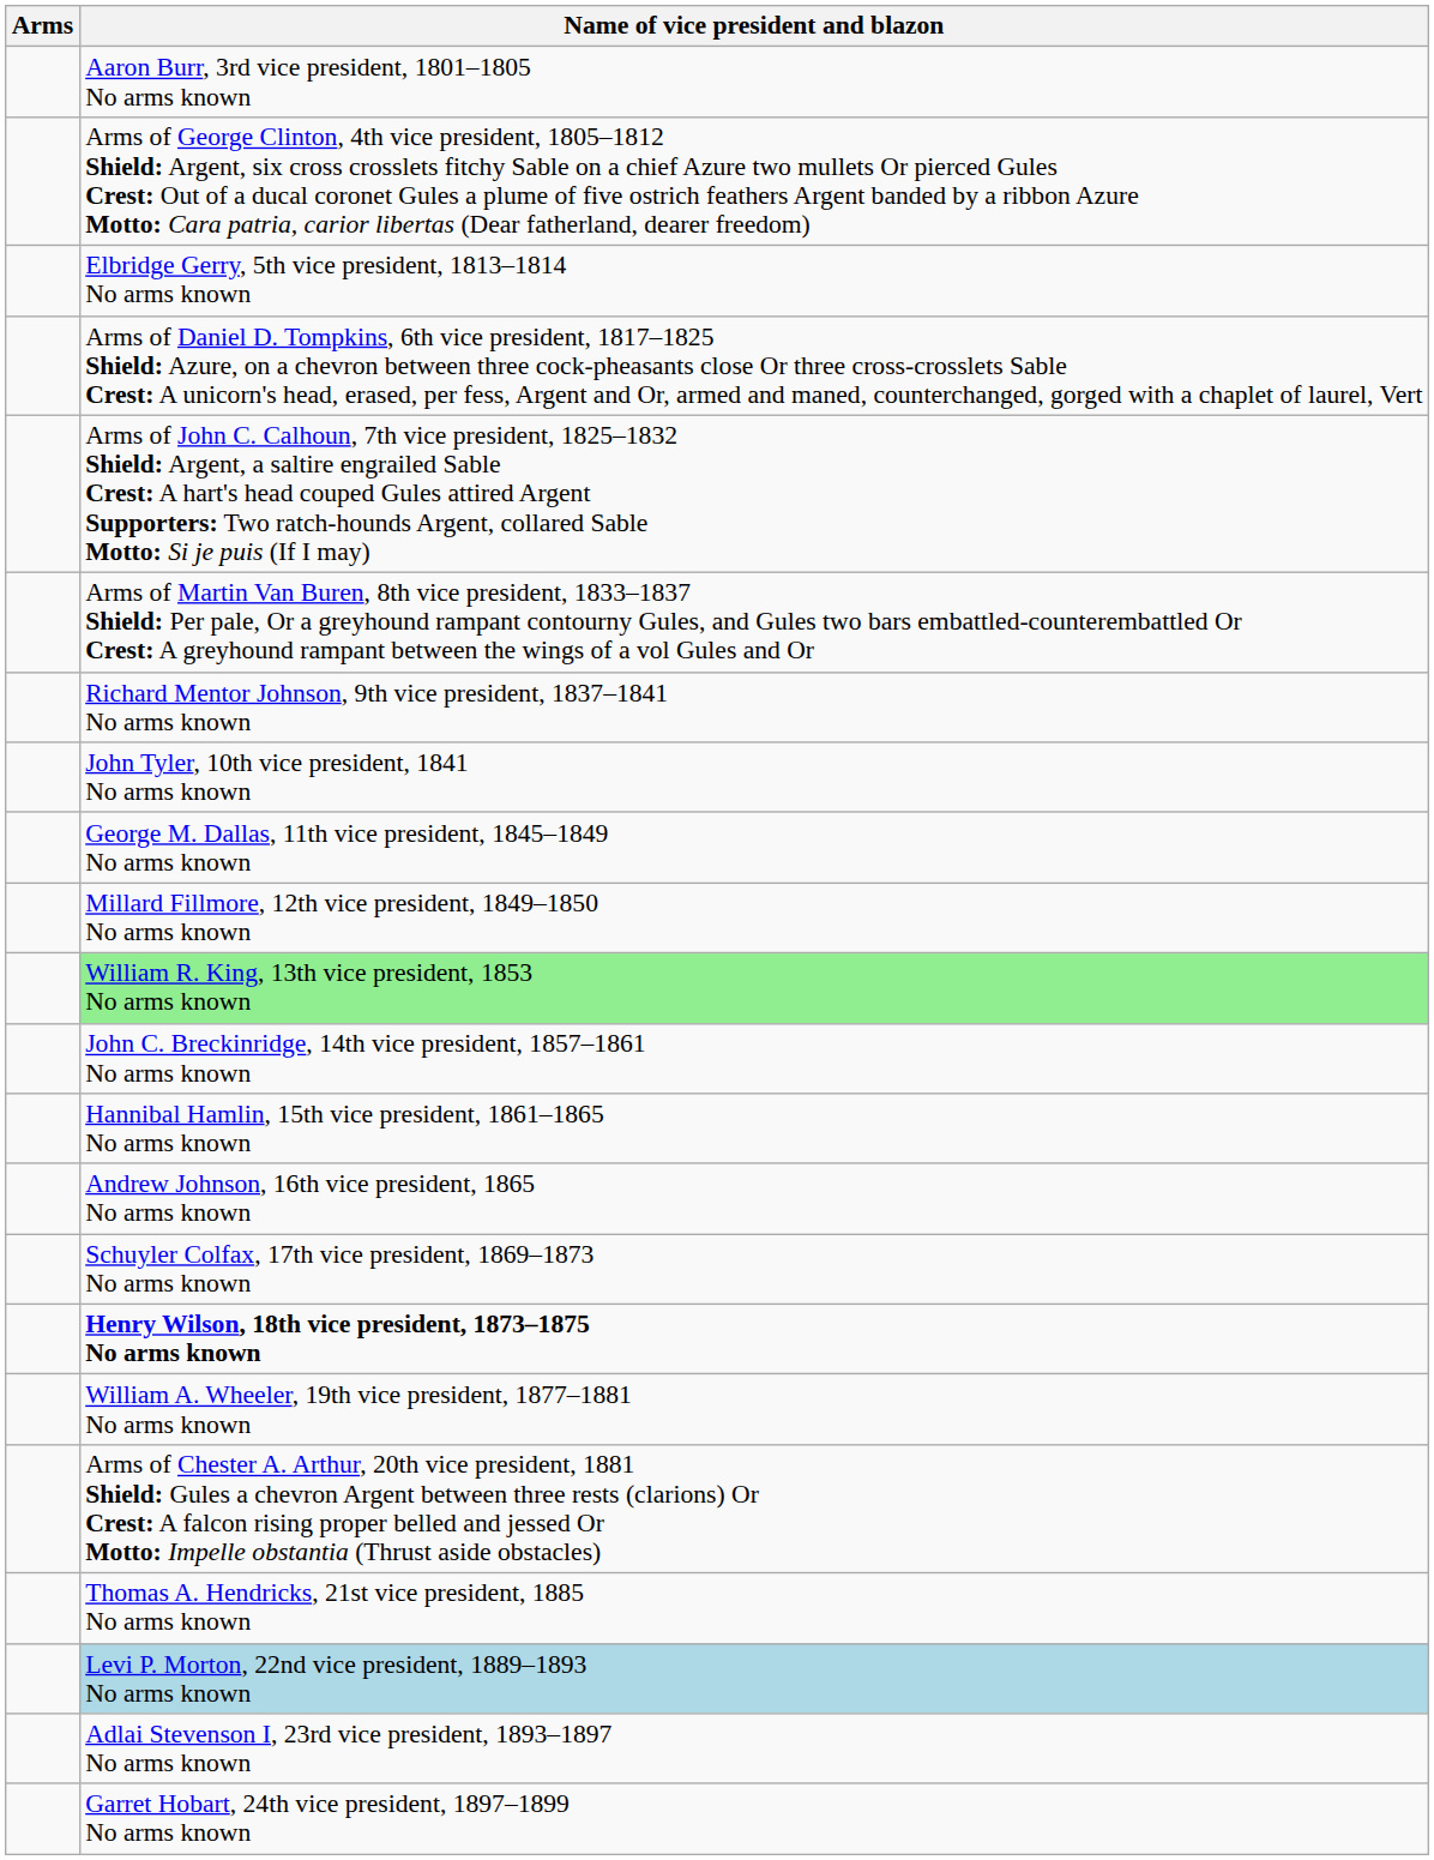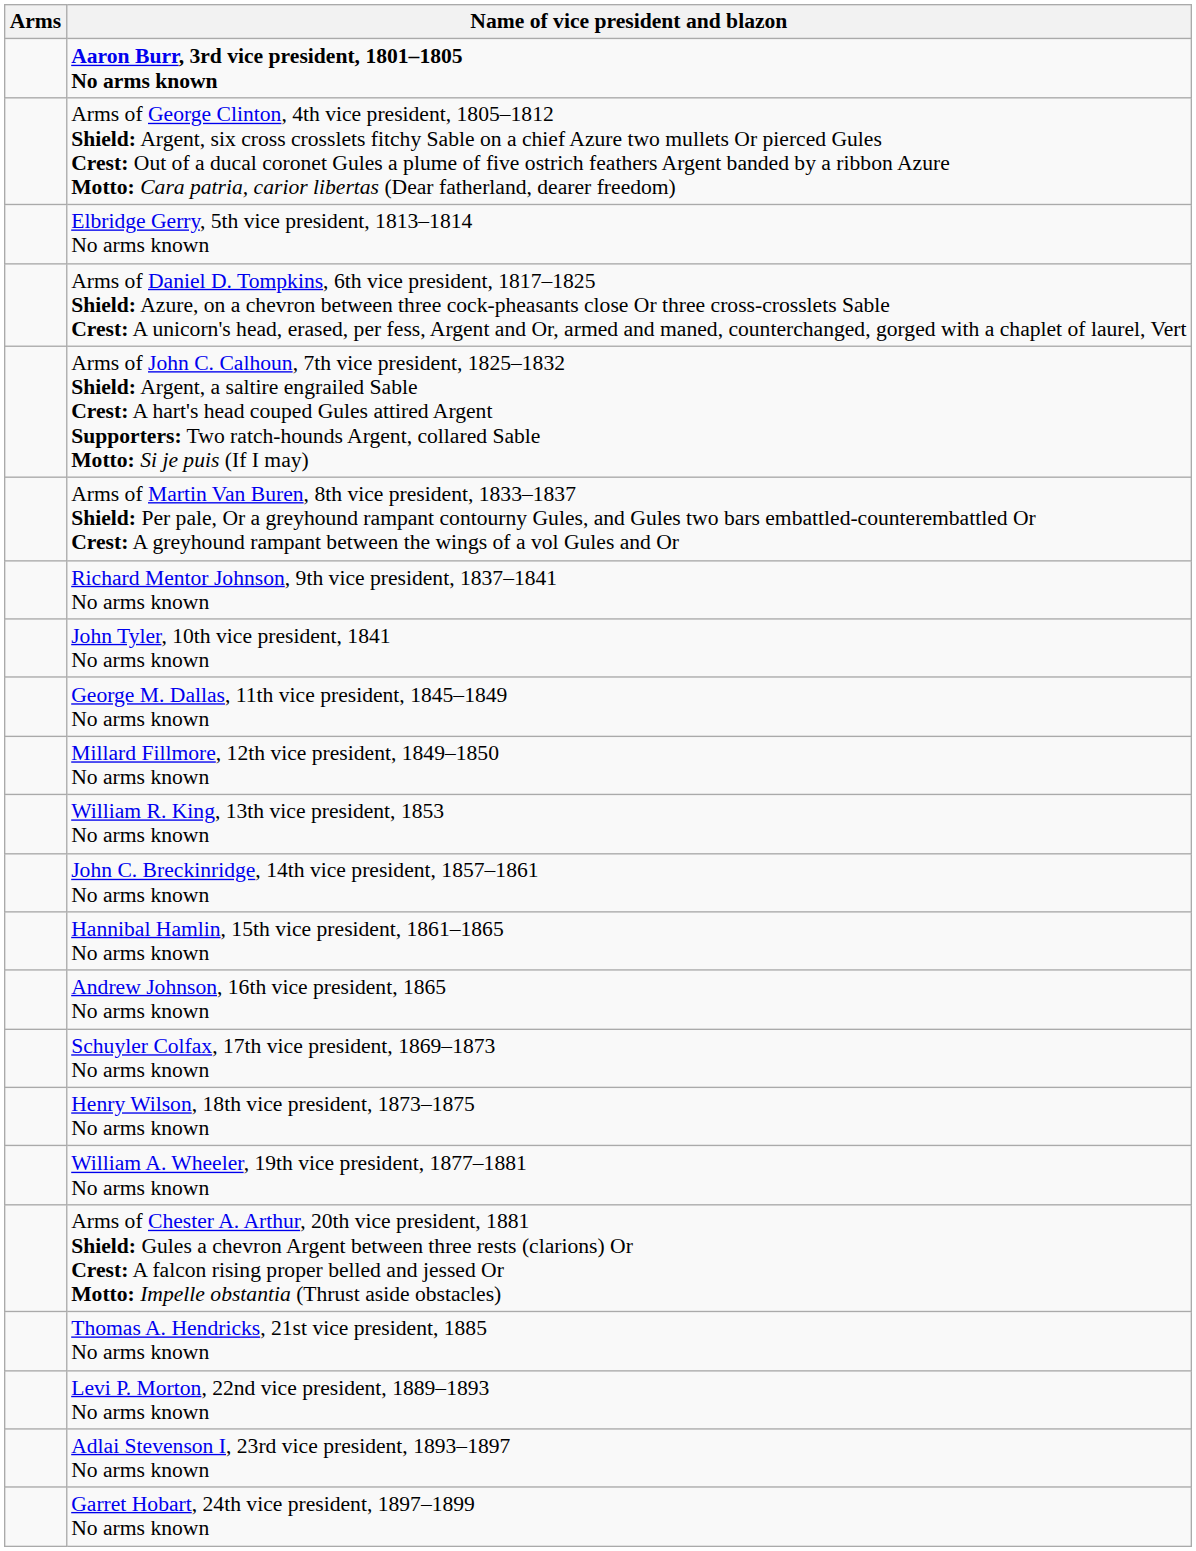 <table class=wikitable>
 <tr style="vertical-align:top; text-align:center;">
 <th>Arms</th>
 <th>Name of vice president and blazon</th>
 </tr>
 <tr valign=top>
 <td></td>
-<td><a href='#'>Aaron Burr</a>, 3rd vice president, 1801–1805<br>No arms known</td>
+<td><strong><a href='#'>Aaron Burr</a>, 3rd vice president, 1801–1805<br>No arms known</strong></td>
 </tr>
 <tr valign=top>
 <td align=center></td>
 <td>Arms of <a href='#'>George Clinton</a>, 4th vice president, 1805–1812<br><strong>Shield:</strong> Argent, six cross crosslets fitchy Sable on a chief Azure two mullets Or pierced Gules<br><strong>Crest:</strong> Out of a ducal coronet Gules a plume of five ostrich feathers Argent banded by a ribbon Azure<br><strong>Motto:</strong> <em>Cara patria, carior libertas</em> (Dear fatherland, dearer freedom)</td>
 </tr>
 <tr valign=top>
 <td></td>
 <td><a href='#'>Elbridge Gerry</a>, 5th vice president, 1813–1814<br>No arms known</td>
 </tr>
 <tr valign=top>
 <td align=center></td>
 <td>Arms of <a href='#'>Daniel D. Tompkins</a>, 6th vice president, 1817–1825<br><strong>Shield:</strong> Azure, on a chevron between three cock-pheasants close Or three cross-crosslets Sable<br><strong>Crest:</strong> A unicorn's head, erased, per fess, Argent and Or, armed and maned, counterchanged, gorged with a chaplet of laurel, Vert</td>
 </tr>
 <tr valign=top>
 <td align=center></td>
 <td>Arms of <a href='#'>John C. Calhoun</a>, 7th vice president, 1825–1832<br><strong>Shield:</strong> Argent, a saltire engrailed Sable<br><strong>Crest:</strong> A hart's head couped Gules attired Argent<br><strong>Supporters:</strong> Two ratch-hounds Argent, collared Sable<br><strong>Motto:</strong> <em>Si je puis</em> (If I may)</td>
 </tr>
 <tr valign=top>
 <td align=center></td>
 <td>Arms of <a href='#'>Martin Van Buren</a>, 8th vice president, 1833–1837<br><strong>Shield:</strong> Per pale, Or a greyhound rampant contourny Gules, and Gules two bars embattled-counterembattled Or<br><strong>Crest:</strong> A greyhound rampant between the wings of a vol Gules and Or</td>
 </tr>
 <tr valign=top>
 <td></td>
 <td><a href='#'>Richard Mentor Johnson</a>, 9th vice president, 1837–1841<br>No arms known</td>
 </tr>
 <tr valign=top>
 <td></td>
 <td><a href='#'>John Tyler</a>, 10th vice president, 1841<br>No arms known</td>
 </tr>
 <tr valign=top>
 <td></td>
 <td><a href='#'>George M. Dallas</a>, 11th vice president, 1845–1849<br>No arms known</td>
 </tr>
 <tr valign=top>
 <td></td>
 <td><a href='#'>Millard Fillmore</a>, 12th vice president, 1849–1850<br>No arms known</td>
 </tr>
 <tr valign=top>
 <td></td>
-<td style="background: lightgreen;"><a href='#'>William R. King</a>, 13th vice president, 1853<br>No arms known</td>
+<td><a href='#'>William R. King</a>, 13th vice president, 1853<br>No arms known</td>
 </tr>
 <tr valign=top>
 <td></td>
 <td><a href='#'>John C. Breckinridge</a>, 14th vice president, 1857–1861<br>No arms known</td>
 </tr>
 <tr valign=top>
 <td></td>
 <td><a href='#'>Hannibal Hamlin</a>, 15th vice president, 1861–1865<br>No arms known</td>
 </tr>
 <tr valign=top>
 <td></td>
 <td><a href='#'>Andrew Johnson</a>, 16th vice president, 1865<br>No arms known</td>
 </tr>
 <tr valign=top>
 <td></td>
 <td><a href='#'>Schuyler Colfax</a>, 17th vice president, 1869–1873<br>No arms known</td>
 </tr>
 <tr valign=top>
 <td></td>
-<td><strong><a href='#'>Henry Wilson</a>, 18th vice president, 1873–1875<br>No arms known</strong></td>
+<td><a href='#'>Henry Wilson</a>, 18th vice president, 1873–1875<br>No arms known</td>
 </tr>
 <tr valign=top>
 <td></td>
 <td><a href='#'>William A. Wheeler</a>, 19th vice president, 1877–1881<br>No arms known</td>
 </tr>
 <tr valign=top>
 <td align=center></td>
 <td>Arms of <a href='#'>Chester A. Arthur</a>, 20th vice president, 1881<br><strong>Shield:</strong> Gules a chevron Argent between three rests (clarions) Or<br><strong>Crest:</strong> A falcon rising proper belled and jessed Or<br><strong>Motto:</strong> <em>Impelle obstantia</em> (Thrust aside obstacles)</td>
 </tr>
 <tr valign=top>
 <td></td>
 <td><a href='#'>Thomas A. Hendricks</a>, 21st vice president, 1885<br>No arms known</td>
 </tr>
 <tr valign=top>
 <td></td>
-<td style="background: lightblue;"><a href='#'>Levi P. Morton</a>, 22nd vice president, 1889–1893<br>No arms known</td>
+<td><a href='#'>Levi P. Morton</a>, 22nd vice president, 1889–1893<br>No arms known</td>
 </tr>
 <tr valign=top>
 <td></td>
 <td><a href='#'>Adlai Stevenson I</a>, 23rd vice president, 1893–1897<br>No arms known</td>
 </tr>
 <tr valign=top>
 <td></td>
 <td><a href='#'>Garret Hobart</a>, 24th vice president, 1897–1899<br>No arms known</td>
 </tr>
 </table>
